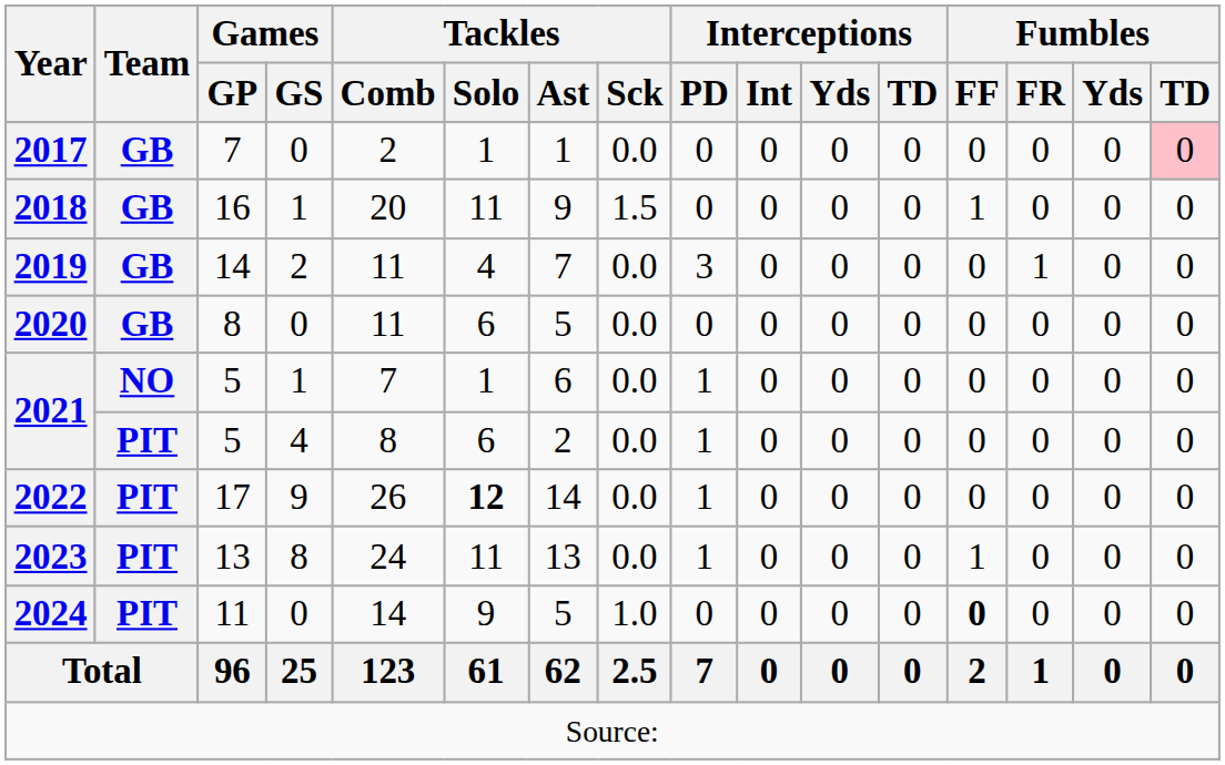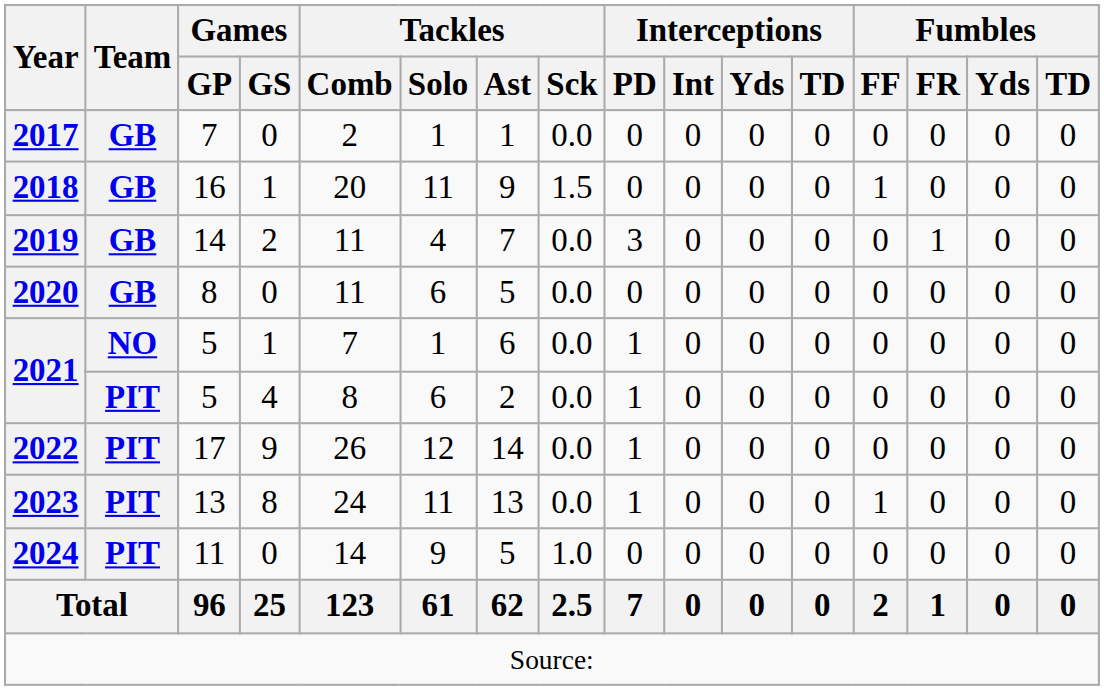 <table class=wikitable style="text-align:center;">
 <tr>
 <th rowspan="2">Year</th>
 <th rowspan="2">Team</th>
 <th colspan="2">Games</th>
 <th colspan="4">Tackles</th>
 <th colspan="4">Interceptions</th>
 <th colspan="4">Fumbles</th>
 </tr>
 <tr>
 <th>GP</th>
 <th>GS</th>
 <th>Comb</th>
 <th>Solo</th>
 <th>Ast</th>
 <th>Sck</th>
 <th>PD</th>
 <th>Int</th>
 <th>Yds</th>
 <th>TD</th>
 <th>FF</th>
 <th>FR</th>
 <th>Yds</th>
 <th>TD</th>
 </tr>
 <tr>
 <th><a href='#'>2017</a></th>
 <th><a href='#'>GB</a></th>
 <td>7</td>
 <td>0</td>
 <td>2</td>
 <td>1</td>
 <td>1</td>
 <td>0.0</td>
 <td>0</td>
 <td>0</td>
 <td>0</td>
 <td>0</td>
 <td>0</td>
 <td>0</td>
 <td>0</td>
-<td style="background: pink;">0</td>
+<td>0</td>
 </tr>
 <tr>
 <th><a href='#'>2018</a></th>
 <th><a href='#'>GB</a></th>
 <td>16</td>
 <td>1</td>
 <td>20</td>
 <td>11</td>
 <td>9</td>
 <td>1.5</td>
 <td>0</td>
 <td>0</td>
 <td>0</td>
 <td>0</td>
 <td>1</td>
 <td>0</td>
 <td>0</td>
 <td>0</td>
 </tr>
 <tr>
 <th><a href='#'>2019</a></th>
 <th><a href='#'>GB</a></th>
 <td>14</td>
 <td>2</td>
 <td>11</td>
 <td>4</td>
 <td>7</td>
 <td>0.0</td>
 <td>3</td>
 <td>0</td>
 <td>0</td>
 <td>0</td>
 <td>0</td>
 <td>1</td>
 <td>0</td>
 <td>0</td>
 </tr>
 <tr>
 <th><a href='#'>2020</a></th>
 <th><a href='#'>GB</a></th>
 <td>8</td>
 <td>0</td>
 <td>11</td>
 <td>6</td>
 <td>5</td>
 <td>0.0</td>
 <td>0</td>
 <td>0</td>
 <td>0</td>
 <td>0</td>
 <td>0</td>
 <td>0</td>
 <td>0</td>
 <td>0</td>
 </tr>
 <tr>
 <th rowspan="2"><a href='#'>2021</a></th>
 <th><a href='#'>NO</a></th>
 <td>5</td>
 <td>1</td>
 <td>7</td>
 <td>1</td>
 <td>6</td>
 <td>0.0</td>
 <td>1</td>
 <td>0</td>
 <td>0</td>
 <td>0</td>
 <td>0</td>
 <td>0</td>
 <td>0</td>
 <td>0</td>
 </tr>
 <tr>
 <th><a href='#'>PIT</a></th>
 <td>5</td>
 <td>4</td>
 <td>8</td>
 <td>6</td>
 <td>2</td>
 <td>0.0</td>
 <td>1</td>
 <td>0</td>
 <td>0</td>
 <td>0</td>
 <td>0</td>
 <td>0</td>
 <td>0</td>
 <td>0</td>
 </tr>
 <tr>
 <th><a href='#'>2022</a></th>
 <th><a href='#'>PIT</a></th>
 <td>17</td>
 <td>9</td>
 <td>26</td>
-<td><strong>12</strong></td>
+<td>12</td>
 <td>14</td>
 <td>0.0</td>
 <td>1</td>
 <td>0</td>
 <td>0</td>
 <td>0</td>
 <td>0</td>
 <td>0</td>
 <td>0</td>
 <td>0</td>
 </tr>
 <tr>
 <th><a href='#'>2023</a></th>
 <th><a href='#'>PIT</a></th>
 <td>13</td>
 <td>8</td>
 <td>24</td>
 <td>11</td>
 <td>13</td>
 <td>0.0</td>
 <td>1</td>
 <td>0</td>
 <td>0</td>
 <td>0</td>
 <td>1</td>
 <td>0</td>
 <td>0</td>
 <td>0</td>
 </tr>
 <tr>
 <th><a href='#'>2024</a></th>
 <th><a href='#'>PIT</a></th>
 <td>11</td>
 <td>0</td>
 <td>14</td>
 <td>9</td>
 <td>5</td>
 <td>1.0</td>
 <td>0</td>
 <td>0</td>
 <td>0</td>
 <td>0</td>
-<td><strong>0</strong></td>
+<td>0</td>
 <td>0</td>
 <td>0</td>
 <td>0</td>
 </tr>
 <tr>
 <th colspan="2">Total</th>
 <th>96</th>
 <th>25</th>
 <th>123</th>
 <th>61</th>
 <th>62</th>
 <th>2.5</th>
 <th>7</th>
 <th>0</th>
 <th>0</th>
 <th>0</th>
 <th>2</th>
 <th>1</th>
 <th>0</th>
 <th>0</th>
 </tr>
 <tr>
 <td colspan="16"><small>Source: </small></td>
 </tr>
 </table>
